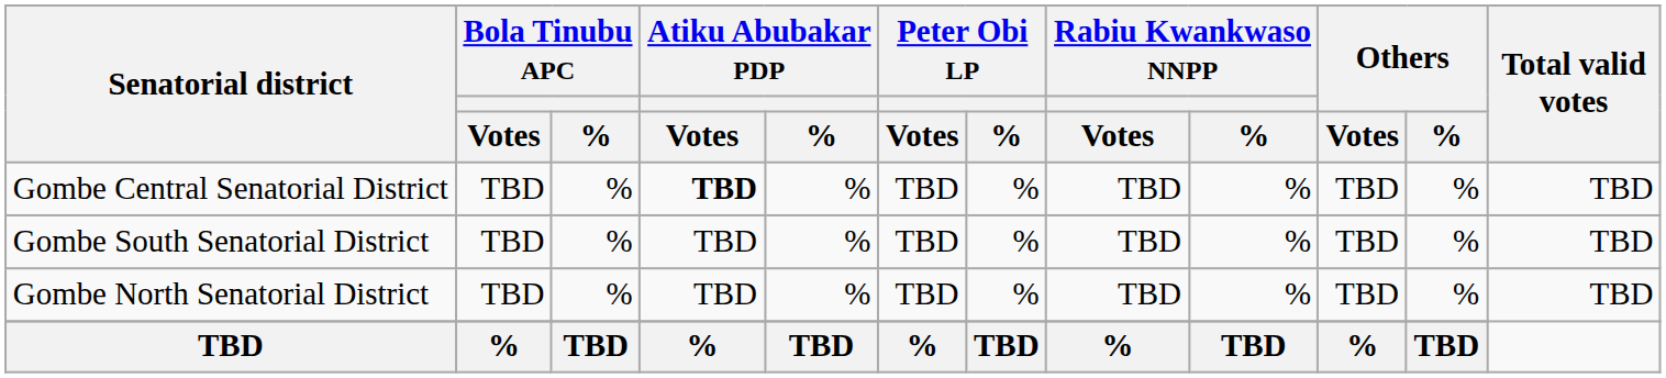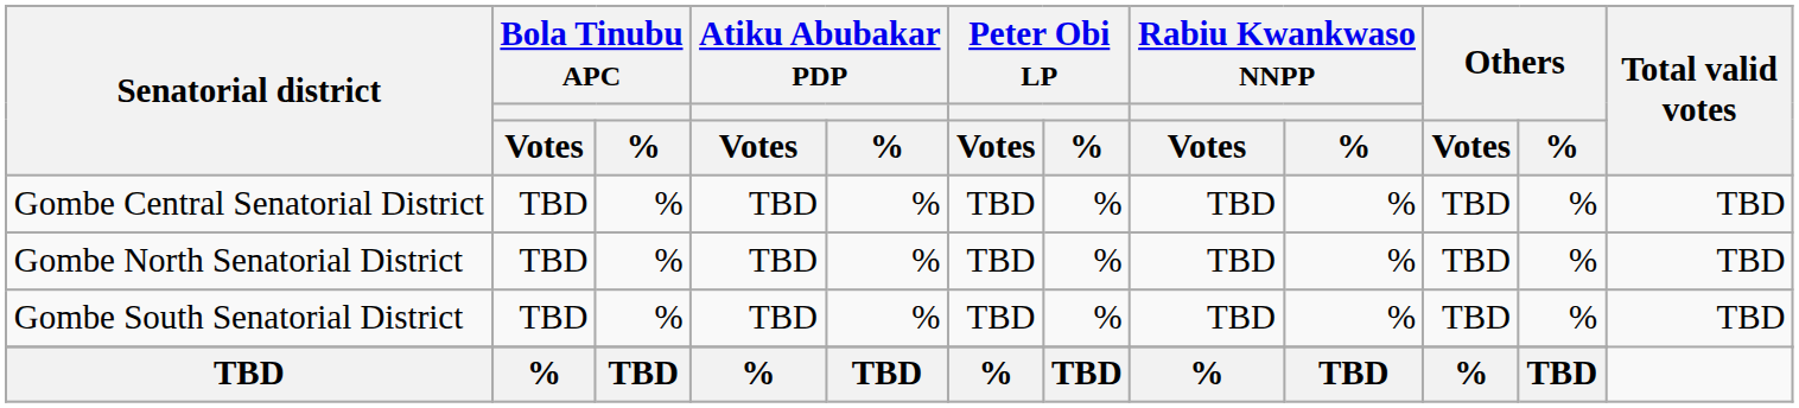 <table class="wikitable sortable" style="text-align:right; font-size:90%">
 <tr>
 <th rowspan="3" style="max-width:7.5em;">Senatorial district</th>
 <th colspan="2"><a href='#'>Bola Tinubu</a><br><small>APC</small></th>
 <th colspan="2"><a href='#'>Atiku Abubakar</a><br><small>PDP</small></th>
 <th colspan="2"><a href='#'>Peter Obi</a><br><small>LP</small></th>
 <th colspan="2"><a href='#'>Rabiu Kwankwaso</a><br><small>NNPP</small></th>
 <th colspan="2" rowspan="2">Others</th>
 <th rowspan="3" style="max-width:5em;">Total valid votes</th>
 </tr>
 <tr>
 <th colspan=2 style="background-color:"></th>
 <th colspan=2 style="background-color:"></th>
 <th colspan=2 style="background-color:"></th>
 <th colspan=2 style="background-color:"></th>
 </tr>
 <tr>
 <th>Votes</th>
 <th>%</th>
 <th>Votes</th>
 <th>%</th>
 <th>Votes</th>
 <th>%</th>
 <th>Votes</th>
 <th>%</th>
 <th>Votes</th>
 <th>%</th>
 </tr>
 <tr style="background-color:#">
 <td style="text-align:left;">Gombe Central Senatorial District</td>
 <td>TBD</td>
 <td>%</td>
-<td><strong>TBD</strong></td>
+<td>TBD</td>
 <td>%</td>
 <td>TBD</td>
 <td>%</td>
 <td>TBD</td>
 <td>%</td>
 <td>TBD</td>
 <td>%</td>
 <td>TBD</td>
 </tr>
 <tr style="background-color:#">
-<td style="text-align:left;">Gombe South Senatorial District</td>
+<td style="text-align:left;">Gombe North Senatorial District</td>
 <td>TBD</td>
 <td>%</td>
 <td>TBD</td>
 <td>%</td>
 <td>TBD</td>
 <td>%</td>
 <td>TBD</td>
 <td>%</td>
 <td>TBD</td>
 <td>%</td>
 <td>TBD</td>
 </tr>
 <tr style="background-color:#">
-<td style="text-align:left;">Gombe North Senatorial District</td>
+<td style="text-align:left;">Gombe South Senatorial District</td>
 <td>TBD</td>
 <td>%</td>
 <td>TBD</td>
 <td>%</td>
 <td>TBD</td>
 <td>%</td>
 <td>TBD</td>
 <td>%</td>
 <td>TBD</td>
 <td>%</td>
 <td>TBD</td>
 </tr>
 <tr>
 </tr>
 <tr>
 <th>TBD</th>
 <th>%</th>
 <th>TBD</th>
 <th>%</th>
 <th>TBD</th>
 <th>%</th>
 <th>TBD</th>
 <th>%</th>
 <th>TBD</th>
 <th>%</th>
 <th>TBD</th>
 </tr>
 </table>
